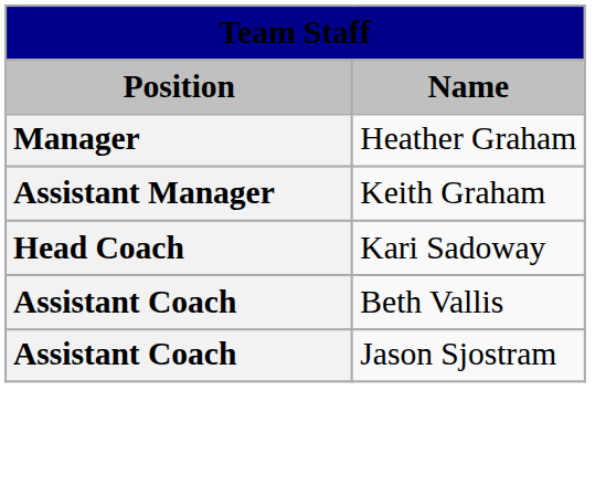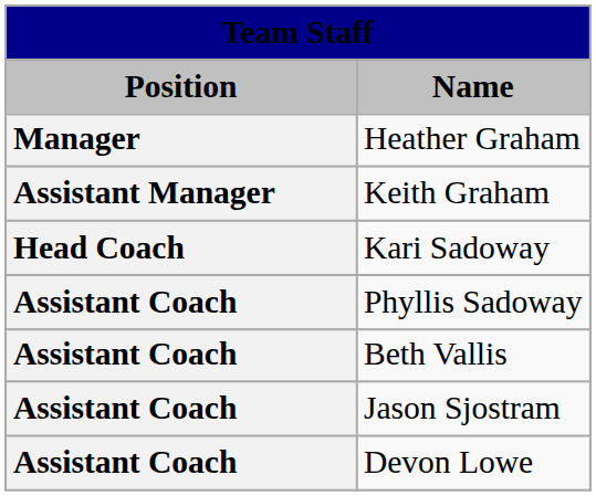 <table class="wikitable" style="text-align:left; font-size:90%;">
 <tr>
 <th style=background:DarkBlue colspan=2><span>Team Staff</span></th>
 </tr>
 <tr>
 <th width=60% style="background:silver;">Position</th>
 <th style="background:silver;">Name</th>
 </tr>
 <tr>
 <th style="text-align:left;">Manager</th>
 <td>Heather Graham</td>
 </tr>
 <tr>
 <th style="text-align:left;">Assistant Manager</th>
 <td>Keith Graham</td>
 </tr>
 <tr>
 <th style="text-align:left;">Head Coach</th>
 <td>Kari Sadoway</td>
 </tr>
 <tr>
 <th style="text-align:left;">Assistant Coach</th>
+<td>Phyllis Sadoway</td>
+</tr>
+<tr>
+<th style="text-align:left;">Assistant Coach</th>
 <td>Beth Vallis</td>
 </tr>
 <tr>
 <th style="text-align:left;">Assistant Coach</th>
 <td>Jason Sjostram</td>
 </tr>
+<tr>
+<th style="text-align:left;">Assistant Coach</th>
+<td>Devon Lowe</td>
+</tr>
 </table>
